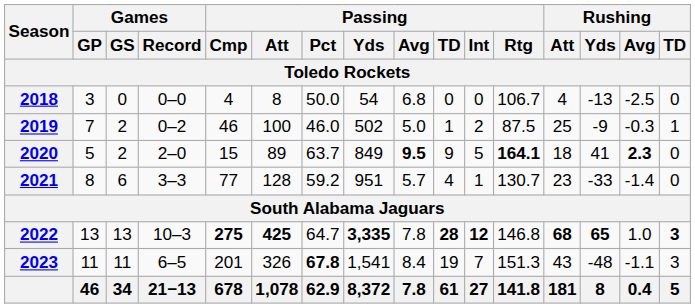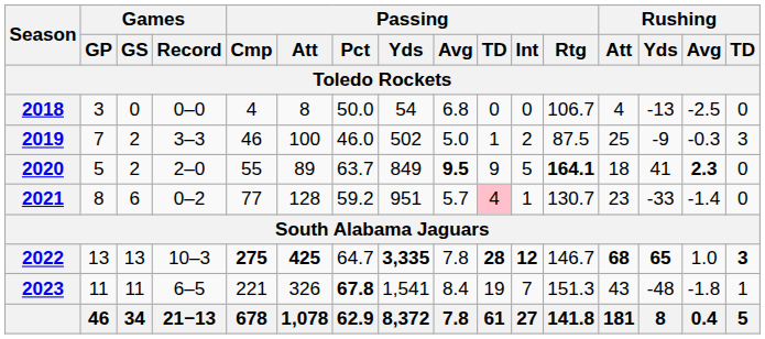 <table class="wikitable" style="text-align:center;">
 <tr>
 <th rowspan="2">Season</th>
 <th colspan="3">Games</th>
 <th colspan="8">Passing</th>
 <th colspan="5">Rushing</th>
 </tr>
 <tr>
 <th>GP</th>
 <th>GS</th>
 <th>Record</th>
 <th>Cmp</th>
 <th>Att</th>
 <th>Pct</th>
 <th>Yds</th>
 <th>Avg</th>
 <th>TD</th>
 <th>Int</th>
 <th>Rtg</th>
 <th>Att</th>
 <th>Yds</th>
 <th>Avg</th>
 <th>TD</th>
 </tr>
 <tr>
 <th colspan="16">Toledo Rockets</th>
 </tr>
 <tr>
 <th><a href='#'>2018</a></th>
 <td>3</td>
 <td>0</td>
 <td>0–0</td>
 <td>4</td>
 <td>8</td>
 <td>50.0</td>
 <td>54</td>
 <td>6.8</td>
 <td>0</td>
 <td>0</td>
 <td>106.7</td>
 <td>4</td>
 <td>-13</td>
 <td>-2.5</td>
 <td>0</td>
 </tr>
 <tr>
 <th><a href='#'>2019</a></th>
 <td>7</td>
 <td>2</td>
-<td>0–2</td>
+<td>3–3</td>
 <td>46</td>
 <td>100</td>
 <td>46.0</td>
 <td>502</td>
 <td>5.0</td>
 <td>1</td>
 <td>2</td>
 <td>87.5</td>
 <td>25</td>
 <td>-9</td>
 <td>-0.3</td>
-<td>1</td>
+<td>3</td>
 </tr>
 <tr>
 <th><a href='#'>2020</a></th>
 <td>5</td>
 <td>2</td>
 <td>2–0</td>
-<td>15</td>
+<td>55</td>
 <td>89</td>
 <td>63.7</td>
 <td>849</td>
 <td><strong>9.5</strong></td>
 <td>9</td>
 <td>5</td>
 <td><strong>164.1</strong></td>
 <td>18</td>
 <td>41</td>
 <td><strong>2.3</strong></td>
 <td>0</td>
 </tr>
 <tr>
 <th><a href='#'>2021</a></th>
 <td>8</td>
 <td>6</td>
-<td>3–3</td>
+<td>0–2</td>
 <td>77</td>
 <td>128</td>
 <td>59.2</td>
 <td>951</td>
 <td>5.7</td>
-<td>4</td>
+<td style="background: pink;">4</td>
 <td>1</td>
 <td>130.7</td>
 <td>23</td>
 <td>-33</td>
 <td>-1.4</td>
 <td>0</td>
 </tr>
 <tr>
 <th colspan="16">South Alabama Jaguars</th>
 </tr>
 <tr>
 <th><a href='#'>2022</a></th>
 <td>13</td>
 <td>13</td>
 <td>10–3</td>
 <td><strong>275</strong></td>
 <td><strong>425</strong></td>
 <td>64.7</td>
 <td><strong>3,335</strong></td>
 <td>7.8</td>
 <td><strong>28</strong></td>
 <td><strong>12</strong></td>
-<td>146.8</td>
+<td>146.7</td>
 <td><strong>68</strong></td>
 <td><strong>65</strong></td>
 <td>1.0</td>
 <td><strong>3</strong></td>
 </tr>
 <tr>
 <th><a href='#'>2023</a></th>
 <td>11</td>
 <td>11</td>
 <td>6–5</td>
-<td>201</td>
+<td>221</td>
 <td>326</td>
 <td><strong>67.8</strong></td>
 <td>1,541</td>
 <td>8.4</td>
 <td>19</td>
 <td>7</td>
 <td>151.3</td>
 <td>43</td>
 <td>-48</td>
-<td>-1.1</td>
-<td>3</td>
+<td>-1.8</td>
+<td>1</td>
 </tr>
 <tr>
 <th></th>
 <th>46</th>
 <th>34</th>
 <th>21−13</th>
 <th>678</th>
 <th>1,078</th>
 <th>62.9</th>
 <th>8,372</th>
 <th>7.8</th>
 <th>61</th>
 <th>27</th>
 <th>141.8</th>
 <th>181</th>
 <th>8</th>
 <th>0.4</th>
 <th>5</th>
 </tr>
 </table>
